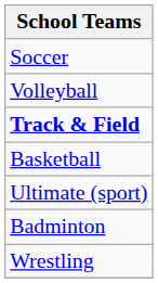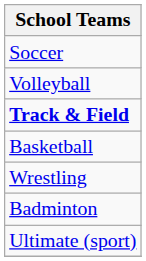 <table class="wikitable" border="1">
 <tr>
 <th>School Teams</th>
 </tr>
 <tr>
 <td><a href='#'>Soccer</a></td>
 </tr>
 <tr>
 <td><a href='#'>Volleyball</a></td>
 </tr>
 <tr>
 <td><strong><a href='#'>Track & Field</a></strong></td>
 </tr>
 <tr>
 <td><a href='#'>Basketball</a></td>
 </tr>
 <tr>
-<td><a href='#'>Ultimate (sport)</a></td>
+<td><a href='#'>Wrestling</a></td>
 </tr>
 <tr>
 <td><a href='#'>Badminton</a></td>
 </tr>
 <tr>
-<td><a href='#'>Wrestling</a></td>
+<td><a href='#'>Ultimate (sport)</a></td>
 </tr>
 <tr>
 </tr>
 </table>
